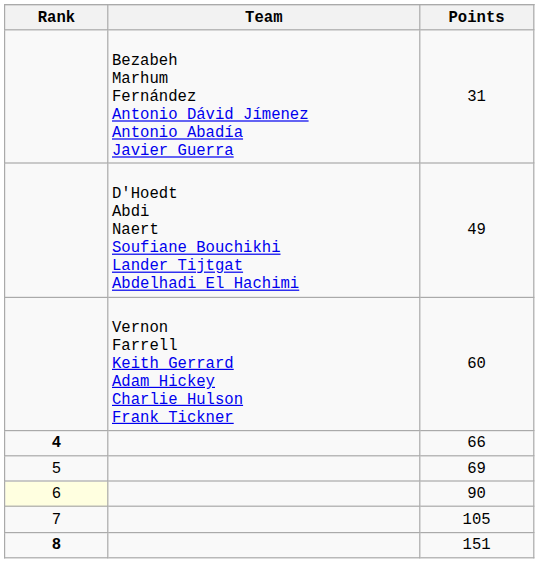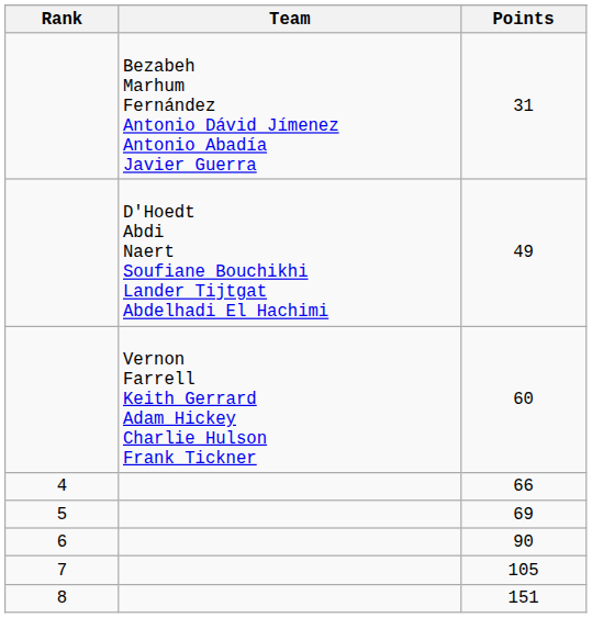 <table class="wikitable" style="text-align:center;" width="50%">
 <tr>
 </tr>
 <tr>
 <th width=10%>Rank</th>
 <th width=30%>Team</th>
 <th width=10%>Points</th>
 </tr>
 <tr>
 <td></td>
 <td align="left"><br>Bezabeh<br>Marhum<br>Fernández<br><a href='#'>Antonio Dávid Jímenez</a><br><a href='#'>Antonio Abadía</a><br><a href='#'>Javier Guerra</a></td>
 <td>31</td>
 </tr>
 <tr>
 <td></td>
 <td align="left"><br>D'Hoedt<br>Abdi<br>Naert<br><a href='#'>Soufiane Bouchikhi</a><br><a href='#'>Lander Tijtgat</a><br><a href='#'>Abdelhadi El Hachimi</a></td>
 <td>49</td>
 </tr>
 <tr>
 <td></td>
 <td align="left"><br>Vernon<br>Farrell<br><a href='#'>Keith Gerrard</a><br><a href='#'>Adam Hickey</a><br><a href='#'>Charlie Hulson</a><br><a href='#'>Frank Tickner</a></td>
 <td>60</td>
 </tr>
 <tr>
-<td><strong>4</strong></td>
+<td>4</td>
 <td align="left"></td>
 <td>66</td>
 </tr>
 <tr>
 <td>5</td>
 <td align="left"></td>
 <td>69</td>
 </tr>
 <tr>
-<td style="background: lightyellow;">6</td>
+<td>6</td>
 <td align="left"></td>
 <td>90</td>
 </tr>
 <tr>
 <td>7</td>
 <td align="left"></td>
 <td>105</td>
 </tr>
 <tr>
-<td><strong>8</strong></td>
+<td>8</td>
 <td align="left"></td>
 <td>151</td>
 </tr>
 </table>
